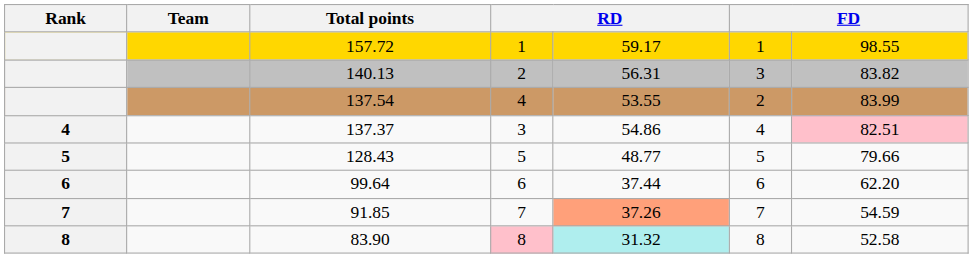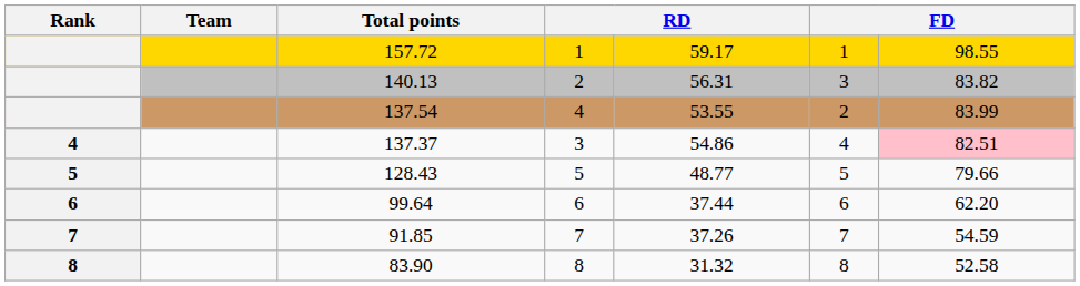 <table class="wikitable sortable" style="text-align:center;" width="70%">
 <tr>
 <th scope="col">Rank</th>
 <th scope="col">Team</th>
 <th scope="col">Total points</th>
 <th scope="col" colspan="2" width="80px"><a href='#'>RD</a></th>
 <th scope="col" colspan="2" width="80px"><a href='#'>FD</a></th>
 </tr>
 <tr bgcolor="gold">
 <th scope="row"></th>
 <td align="left"></td>
 <td>157.72</td>
 <td>1</td>
 <td>59.17</td>
 <td>1</td>
 <td>98.55</td>
 </tr>
 <tr bgcolor="silver">
 <th scope="row"></th>
 <td align="left"></td>
 <td>140.13</td>
 <td>2</td>
 <td>56.31</td>
 <td>3</td>
 <td>83.82</td>
 </tr>
 <tr bgcolor="cc9966">
 <th scope="row"></th>
 <td align="left"></td>
 <td>137.54</td>
 <td>4</td>
 <td>53.55</td>
 <td>2</td>
 <td>83.99</td>
 </tr>
 <tr>
 <th scope="row">4</th>
 <td align="left"></td>
 <td>137.37</td>
 <td>3</td>
 <td>54.86</td>
 <td>4</td>
 <td style="background: pink;">82.51</td>
 </tr>
 <tr>
 <th scope="row">5</th>
 <td align="left"></td>
 <td>128.43</td>
 <td>5</td>
 <td>48.77</td>
 <td>5</td>
 <td>79.66</td>
 </tr>
 <tr>
 <th scope="row">6</th>
 <td align="left"></td>
 <td>99.64</td>
 <td>6</td>
 <td>37.44</td>
 <td>6</td>
 <td>62.20</td>
 </tr>
 <tr>
 <th scope="row">7</th>
 <td align="left"></td>
 <td>91.85</td>
 <td>7</td>
-<td style="background: lightsalmon;">37.26</td>
+<td>37.26</td>
 <td>7</td>
 <td>54.59</td>
 </tr>
 <tr>
 <th scope="row">8</th>
 <td align="left"></td>
 <td>83.90</td>
-<td style="background: pink;">8</td>
-<td style="background: paleturquoise;">31.32</td>
+<td>8</td>
+<td>31.32</td>
 <td>8</td>
 <td>52.58</td>
 </tr>
 </table>
